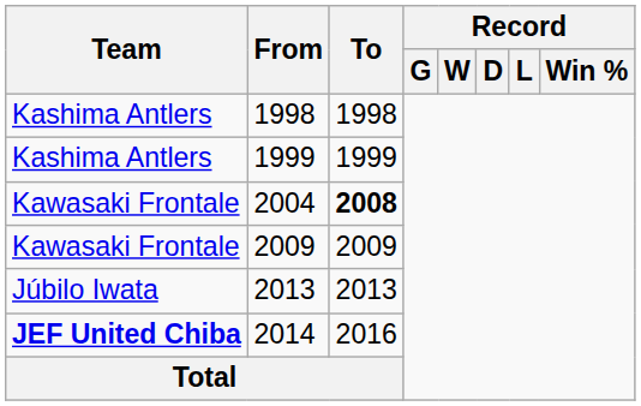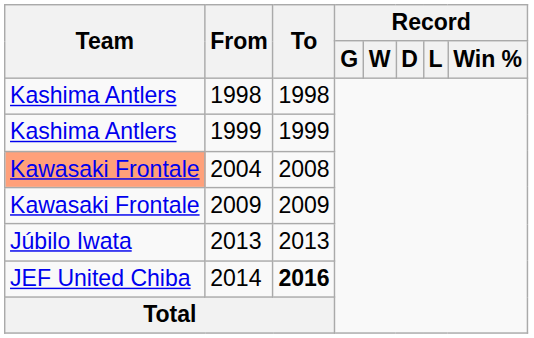 <table class="wikitable" style="text-align: center">
 <tr>
 <th rowspan="2">Team</th>
 <th rowspan="2">From</th>
 <th rowspan="2">To</th>
 <th colspan="5">Record</th>
 </tr>
 <tr>
 <th>G</th>
 <th>W</th>
 <th>D</th>
 <th>L</th>
 <th>Win %</th>
 </tr>
 <tr>
 <td align="left"><a href='#'>Kashima Antlers</a></td>
 <td align="left">1998</td>
 <td align="left">1998<br></td>
 </tr>
 <tr>
 <td align="left"><a href='#'>Kashima Antlers</a></td>
 <td align="left">1999</td>
 <td align="left">1999<br></td>
 </tr>
 <tr>
-<td align="left"><a href='#'>Kawasaki Frontale</a></td>
+<td align="left" style="background: lightsalmon;"><a href='#'>Kawasaki Frontale</a></td>
 <td align="left">2004</td>
-<td align="left"><strong>2008<br></strong></td>
+<td align="left">2008<br></td>
 </tr>
 <tr>
 <td align="left"><a href='#'>Kawasaki Frontale</a></td>
 <td align="left">2009</td>
 <td align="left">2009<br></td>
 </tr>
 <tr>
 <td align="left"><a href='#'>Júbilo Iwata</a></td>
 <td align="left">2013</td>
 <td align="left">2013<br></td>
 </tr>
 <tr>
-<td align="left"><strong><a href='#'>JEF United Chiba</a></strong></td>
+<td align="left"><a href='#'>JEF United Chiba</a></td>
 <td align="left">2014</td>
-<td align="left">2016<br></td>
+<td align="left"><strong>2016<br></strong></td>
 </tr>
 <tr>
 <th colspan="3">Total<br></th>
 </tr>
 </table>
